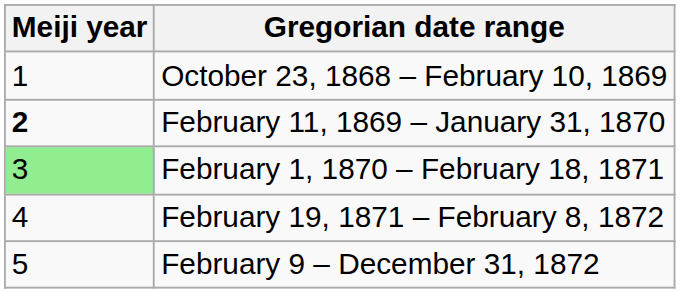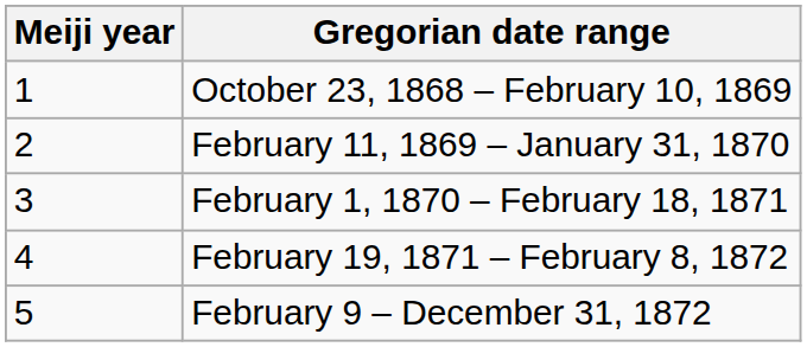 <table class="wikitable">
 <tr>
 <th>Meiji year</th>
 <th>Gregorian date range</th>
 </tr>
 <tr>
 <td>1</td>
 <td>October 23, 1868 – February 10, 1869</td>
 </tr>
 <tr>
-<td><strong>2</strong></td>
+<td>2</td>
 <td>February 11, 1869 – January 31, 1870</td>
 </tr>
 <tr>
-<td style="background: lightgreen;">3</td>
+<td>3</td>
 <td>February 1, 1870 – February 18, 1871</td>
 </tr>
 <tr>
 <td>4</td>
 <td>February 19, 1871 – February 8, 1872</td>
 </tr>
 <tr>
 <td>5</td>
 <td>February 9 – December 31, 1872</td>
 </tr>
 </table>
